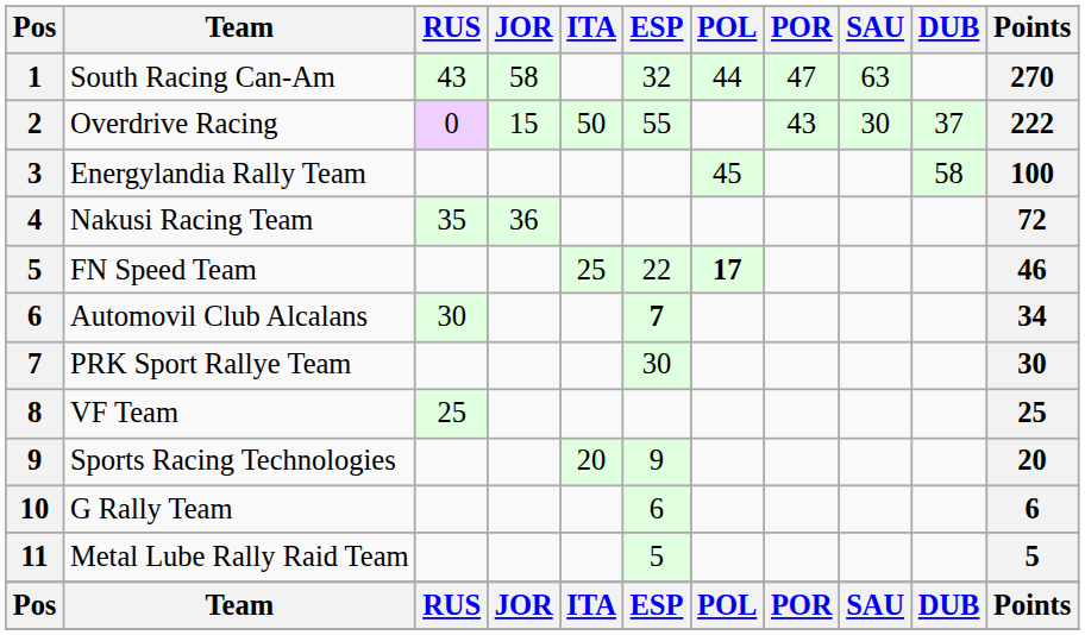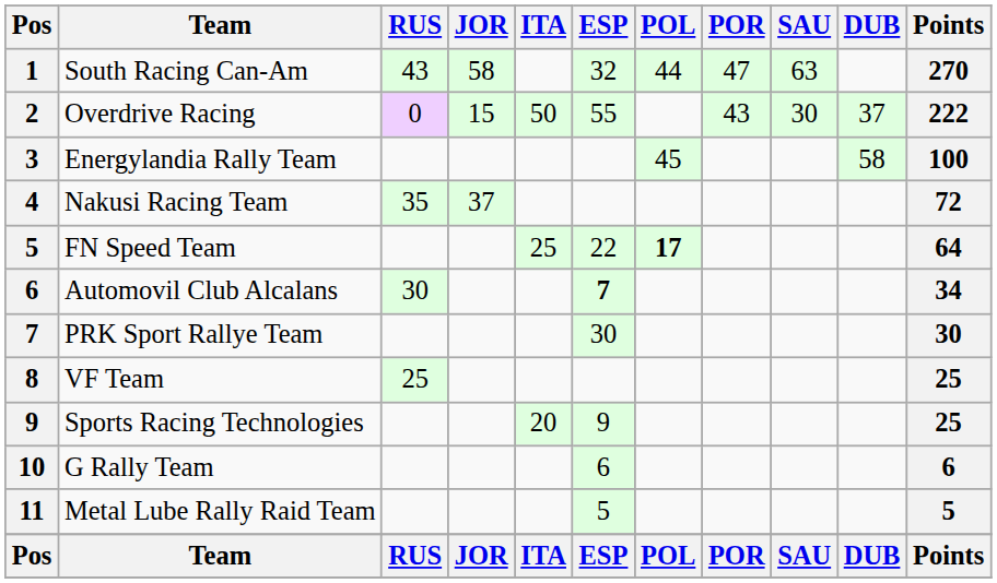 <table class="wikitable" style="font-size: 85%; text-align: center; display: inline-table;">
 <tr valign="top">
 <th valign="middle">Pos</th>
 <th valign="middle">Team</th>
 <th><a href='#'>RUS</a><br></th>
 <th><a href='#'>JOR</a><br></th>
 <th><a href='#'>ITA</a><br></th>
 <th><a href='#'>ESP</a><br></th>
 <th><a href='#'>POL</a><br></th>
 <th><a href='#'>POR</a><br></th>
 <th><a href='#'>SAU</a><br></th>
 <th><a href='#'>DUB</a><br></th>
 <th valign="middle">Points</th>
 </tr>
 <tr>
 <th>1</th>
 <td align=left>South Racing Can-Am</td>
 <td style="background:#dfffdf;">43</td>
 <td style="background:#dfffdf;">58</td>
 <td></td>
 <td style="background:#dfffdf;">32</td>
 <td style="background:#dfffdf;">44</td>
 <td style="background:#dfffdf;">47</td>
 <td style="background:#dfffdf;">63</td>
 <td></td>
 <th>270</th>
 </tr>
 <tr>
 <th>2</th>
 <td align=left>Overdrive Racing</td>
 <td style="background:#efcfff;">0</td>
 <td style="background:#dfffdf;">15</td>
 <td style="background:#dfffdf;">50</td>
 <td style="background:#dfffdf;">55</td>
 <td></td>
 <td style="background:#dfffdf;">43</td>
 <td style="background:#dfffdf;">30</td>
 <td style="background:#dfffdf;">37</td>
 <th>222</th>
 </tr>
 <tr>
 <th>3</th>
 <td align=left>Energylandia Rally Team</td>
 <td></td>
 <td></td>
 <td></td>
 <td></td>
 <td style="background:#dfffdf;">45</td>
 <td></td>
 <td></td>
 <td style="background:#dfffdf;">58</td>
 <th>100</th>
 </tr>
 <tr>
 <th>4</th>
 <td align=left>Nakusi Racing Team</td>
 <td style="background:#dfffdf;">35</td>
-<td style="background:#dfffdf;">36</td>
+<td style="background:#dfffdf;">37</td>
 <td></td>
 <td></td>
 <td></td>
 <td></td>
 <td></td>
 <td></td>
 <th>72</th>
 </tr>
 <tr>
 <th>5</th>
 <td align=left>FN Speed Team</td>
 <td></td>
 <td></td>
 <td style="background:#dfffdf;">25</td>
 <td style="background:#dfffdf;">22</td>
 <td style="background:#dfffdf;"><strong>17</strong></td>
 <td></td>
 <td></td>
 <td></td>
-<th>46</th>
+<th>64</th>
 </tr>
 <tr>
 <th>6</th>
 <td align=left>Automovil Club Alcalans</td>
 <td style="background:#dfffdf;">30</td>
 <td></td>
 <td></td>
 <td style="background:#dfffdf;"><strong>7</strong></td>
 <td></td>
 <td></td>
 <td></td>
 <td></td>
 <th>34</th>
 </tr>
 <tr>
 <th>7</th>
 <td align=left>PRK Sport Rallye Team</td>
 <td></td>
 <td></td>
 <td></td>
 <td style="background:#dfffdf;">30</td>
 <td></td>
 <td></td>
 <td></td>
 <td></td>
 <th>30</th>
 </tr>
 <tr>
 <th>8</th>
 <td align=left>VF Team</td>
 <td style="background:#dfffdf;">25</td>
 <td></td>
 <td></td>
 <td></td>
 <td></td>
 <td></td>
 <td></td>
 <td></td>
 <th>25</th>
 </tr>
 <tr>
 <th>9</th>
 <td align=left>Sports Racing Technologies</td>
 <td></td>
 <td></td>
 <td style="background:#dfffdf;">20</td>
 <td style="background:#dfffdf;">9</td>
 <td></td>
 <td></td>
 <td></td>
 <td></td>
-<th>20</th>
+<th>25</th>
 </tr>
 <tr>
 <th>10</th>
 <td align=left>G Rally Team</td>
 <td></td>
 <td></td>
 <td></td>
 <td style="background:#dfffdf;">6</td>
 <td></td>
 <td></td>
 <td></td>
 <td></td>
 <th>6</th>
 </tr>
 <tr>
 <th>11</th>
 <td align=left>Metal Lube Rally Raid Team</td>
 <td></td>
 <td></td>
 <td></td>
 <td style="background:#dfffdf;">5</td>
 <td></td>
 <td></td>
 <td></td>
 <td></td>
 <th>5</th>
 </tr>
 <tr>
 </tr>
 <tr valign="top">
 <th valign="middle">Pos</th>
 <th valign="middle">Team</th>
 <th><a href='#'>RUS</a><br></th>
 <th><a href='#'>JOR</a><br></th>
 <th><a href='#'>ITA</a><br></th>
 <th><a href='#'>ESP</a><br></th>
 <th><a href='#'>POL</a><br></th>
 <th><a href='#'>POR</a><br></th>
 <th><a href='#'>SAU</a><br></th>
 <th><a href='#'>DUB</a><br></th>
 <th valign="middle">Points</th>
 </tr>
 <tr>
 </tr>
 </table>
